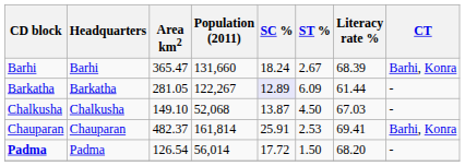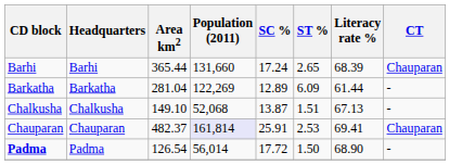 <table class="wikitable sortable">
 <tr>
 <th>CD block</th>
 <th>Headquarters</th>
 <th><br>Area<br>km<sup>2</sup></th>
 <th>Population<br>(2011)</th>
 <th><a href='#'>SC</a> %</th>
 <th><a href='#'>ST</a> %</th>
 <th>Literacy<br> rate %</th>
 <th><a href='#'>CT</a></th>
 </tr>
 <tr>
 <td><a href='#'>Barhi</a></td>
 <td><a href='#'>Barhi</a></td>
-<td>365.47</td>
+<td>365.44</td>
 <td>131,660</td>
-<td>18.24</td>
-<td>2.67</td>
+<td>17.24</td>
+<td>2.65</td>
 <td>68.39</td>
-<td><a href='#'>Barhi</a>, <a href='#'>Konra</a></td>
+<td><a href='#'>Chauparan</a></td>
 </tr>
 <tr>
 <td><a href='#'>Barkatha</a></td>
 <td><a href='#'>Barkatha</a></td>
-<td>281.05</td>
-<td>122,267</td>
-<td style="background: lavender;">12.89</td>
+<td>281.04</td>
+<td>122,269</td>
+<td>12.89</td>
 <td>6.09</td>
 <td>61.44</td>
 <td>-</td>
 </tr>
 <tr>
 <td><a href='#'>Chalkusha</a></td>
 <td><a href='#'>Chalkusha</a></td>
 <td>149.10</td>
 <td>52,068</td>
 <td>13.87</td>
-<td>4.50</td>
-<td>67.03</td>
+<td>1.51</td>
+<td>67.13</td>
 <td>-</td>
 </tr>
 <tr>
 <td><a href='#'>Chauparan</a></td>
 <td><a href='#'>Chauparan</a></td>
 <td>482.37</td>
-<td>161,814</td>
+<td style="background: lavender;">161,814</td>
 <td>25.91</td>
 <td>2.53</td>
 <td>69.41</td>
-<td><a href='#'>Barhi</a>, <a href='#'>Konra</a></td>
+<td><a href='#'>Chauparan</a></td>
 </tr>
 <tr>
 <td><strong><a href='#'>Padma</a></strong></td>
 <td><a href='#'>Padma</a></td>
 <td>126.54</td>
 <td>56,014</td>
 <td>17.72</td>
 <td>1.50</td>
-<td>68.20</td>
+<td>68.90</td>
 <td>-</td>
 </tr>
 <tr>
 </tr>
 </table>
